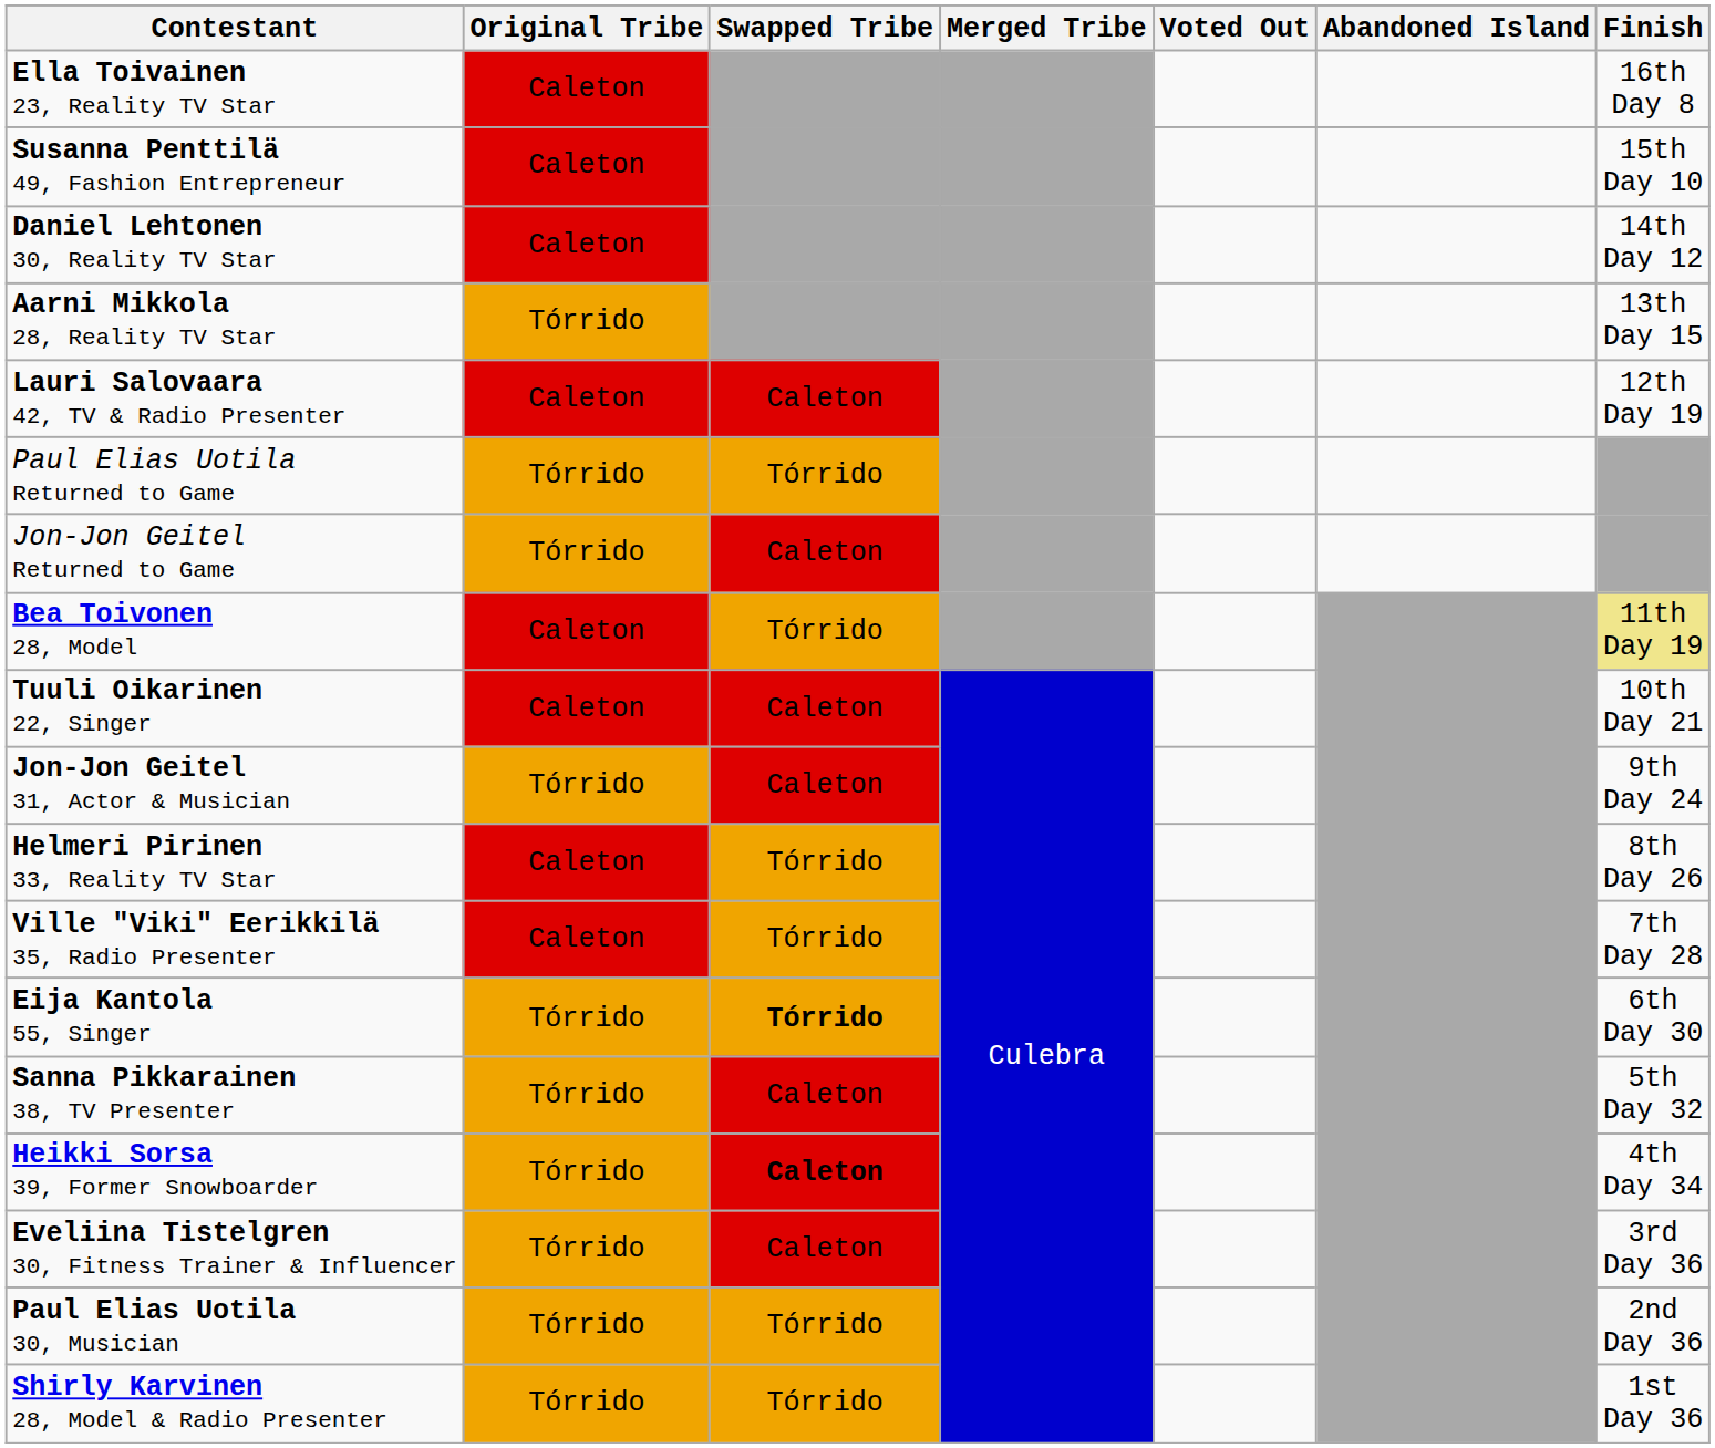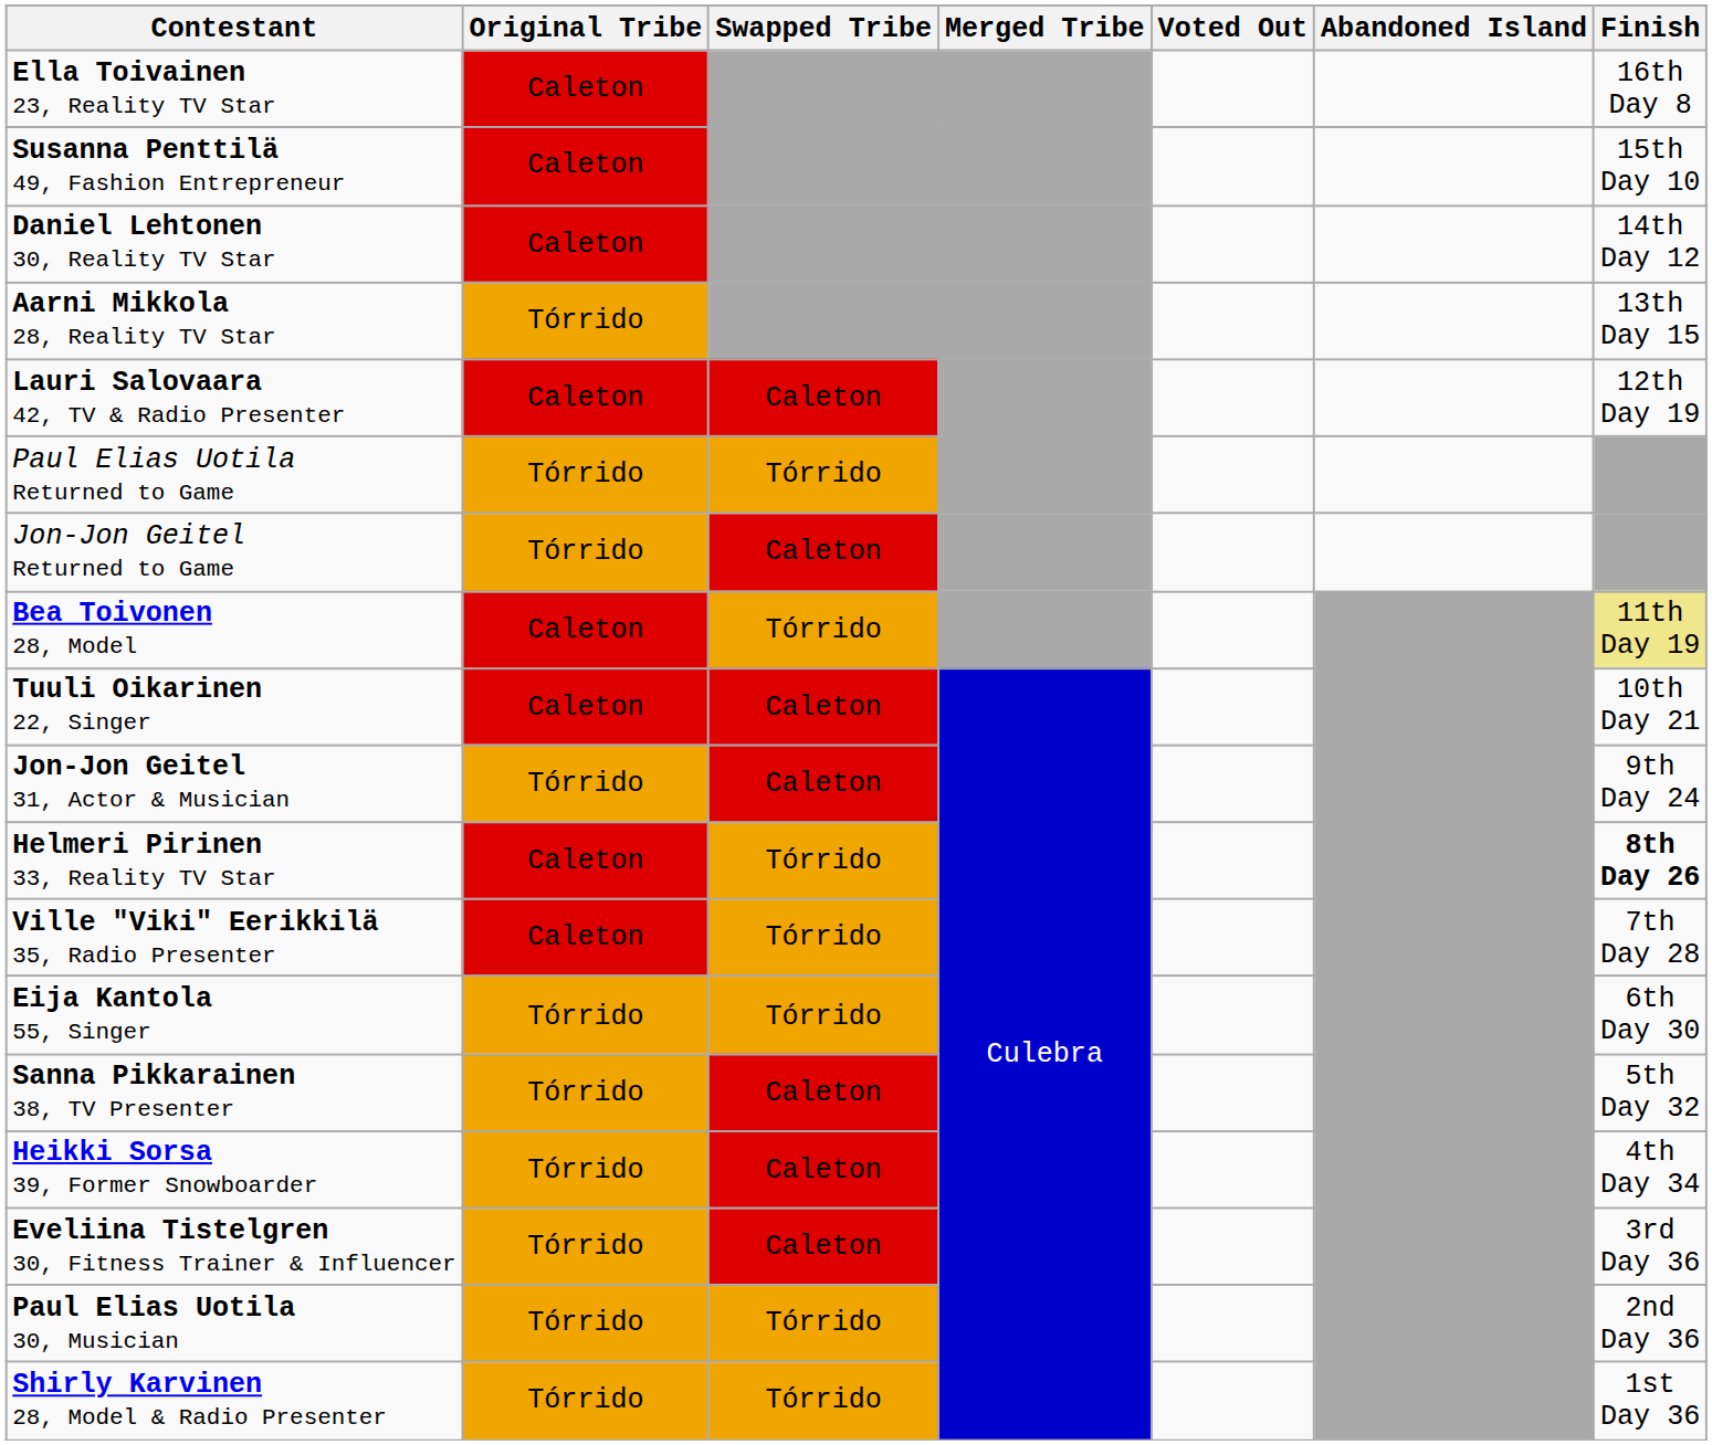 <table class="wikitable" style="margin:auto; text-align:center">
 <tr>
 <th>Contestant</th>
 <th>Original Tribe</th>
 <th>Swapped Tribe</th>
 <th>Merged Tribe</th>
 <th>Voted Out</th>
 <th>Abandoned Island</th>
 <th>Finish</th>
 </tr>
 <tr>
 <td style="text-align: left;"><strong>Ella Toivainen</strong><br><small>23, Reality TV Star</small></td>
 <td bgcolor="#de0000">Caleton</td>
 <td bgcolor="darkgrey"></td>
 <td bgcolor="darkgrey"></td>
 <td></td>
 <td></td>
 <td>16th<br>Day 8</td>
 </tr>
 <tr>
 <td style="text-align: left;"><strong>Susanna Penttilä</strong><br><small>49, Fashion Entrepreneur</small></td>
 <td bgcolor="#de0000">Caleton</td>
 <td bgcolor="darkgrey"></td>
 <td bgcolor="darkgrey"></td>
 <td></td>
 <td></td>
 <td>15th<br>Day 10</td>
 </tr>
 <tr>
 <td style="text-align: left;"><strong>Daniel Lehtonen</strong><br><small>30, Reality TV Star</small></td>
 <td bgcolor="#de0000">Caleton</td>
 <td bgcolor="darkgrey"></td>
 <td bgcolor="darkgrey"></td>
 <td></td>
 <td></td>
 <td>14th<br>Day 12</td>
 </tr>
 <tr>
 <td style="text-align: left;"><strong>Aarni Mikkola</strong><br><small>28, Reality TV Star</small></td>
 <td bgcolor="#f0a500">Tórrido</td>
 <td bgcolor="darkgrey"></td>
 <td bgcolor="darkgrey"></td>
 <td></td>
 <td></td>
 <td>13th<br>Day 15</td>
 </tr>
 <tr>
 <td style="text-align: left;"><strong>Lauri Salovaara</strong><br><small>42, TV & Radio Presenter</small></td>
 <td bgcolor="#de0000">Caleton</td>
 <td bgcolor="#de0000">Caleton</td>
 <td bgcolor="darkgrey"></td>
 <td></td>
 <td></td>
 <td>12th<br>Day 19</td>
 </tr>
 <tr>
 <td style="text-align: left;"><em>Paul Elias Uotila</em><br><small>Returned to Game</small></td>
 <td bgcolor="#f0a500">Tórrido</td>
 <td bgcolor="#f0a500">Tórrido</td>
 <td bgcolor="darkgrey"></td>
 <td></td>
 <td></td>
 <td bgcolor="darkgrey"></td>
 </tr>
 <tr>
 <td style="text-align: left;"><em>Jon-Jon Geitel</em><br><small>Returned to Game</small></td>
 <td bgcolor="#f0a500">Tórrido</td>
 <td bgcolor="#de0000">Caleton</td>
 <td bgcolor="darkgrey"></td>
 <td></td>
 <td></td>
 <td bgcolor="darkgrey"></td>
 </tr>
 <tr>
 <td style="text-align: left;"><strong><a href='#'>Bea Toivonen</a></strong><br><small>28, Model</small></td>
 <td bgcolor="#de0000">Caleton</td>
 <td bgcolor="#f0a500">Tórrido</td>
 <td bgcolor="darkgrey"></td>
 <td></td>
 <td rowspan="11" bgcolor="darkgrey"></td>
 <td style="background: khaki;">11th<br>Day 19</td>
 </tr>
 <tr>
 <td style="text-align: left;"><strong>Tuuli Oikarinen</strong><br><small>22, Singer</small></td>
 <td bgcolor="#de0000">Caleton</td>
 <td bgcolor="#de0000">Caleton</td>
 <td rowspan="10" style="background-color:#0000CD; color:white;">Culebra</td>
 <td></td>
 <td>10th<br>Day 21</td>
 </tr>
 <tr>
 <td style="text-align: left;"><strong>Jon-Jon Geitel</strong><br><small>31, Actor & Musician</small></td>
 <td bgcolor="#f0a500">Tórrido</td>
 <td bgcolor="#de0000">Caleton</td>
 <td></td>
 <td>9th<br>Day 24</td>
 </tr>
 <tr>
 <td style="text-align: left;"><strong>Helmeri Pirinen</strong><br><small>33, Reality TV Star</small></td>
 <td bgcolor="#de0000">Caleton</td>
 <td bgcolor="#f0a500">Tórrido</td>
 <td></td>
-<td>8th<br>Day 26</td>
+<td><strong>8th<br>Day 26</strong></td>
 </tr>
 <tr>
 <td style="text-align: left;"><strong>Ville "Viki" Eerikkilä</strong><br><small>35, Radio Presenter</small></td>
 <td bgcolor="#de0000">Caleton</td>
 <td bgcolor="#f0a500">Tórrido</td>
 <td></td>
 <td>7th<br>Day 28</td>
 </tr>
 <tr>
 <td style="text-align: left;"><strong>Eija Kantola</strong><br><small>55, Singer</small></td>
 <td bgcolor="#f0a500">Tórrido</td>
-<td bgcolor="#f0a50"><strong>Tórrido</strong></td>
+<td bgcolor="#f0a50">Tórrido</td>
 <td></td>
 <td>6th<br>Day 30</td>
 </tr>
 <tr>
 <td style="text-align: left;"><strong>Sanna Pikkarainen</strong><br><small>38, TV Presenter</small></td>
 <td bgcolor="#f0a500">Tórrido</td>
 <td bgcolor="#de0000">Caleton</td>
 <td></td>
 <td>5th<br>Day 32</td>
 </tr>
 <tr>
 <td style="text-align: left;"><strong><a href='#'>Heikki Sorsa</a></strong><br><small>39, Former Snowboarder</small></td>
 <td bgcolor="#f0a500">Tórrido</td>
-<td bgcolor="#de0000"><strong>Caleton</strong></td>
+<td bgcolor="#de0000">Caleton</td>
 <td></td>
 <td>4th<br>Day 34</td>
 </tr>
 <tr>
 <td style="text-align: left;"><strong>Eveliina Tistelgren</strong><br><small>30, Fitness Trainer & Influencer</small></td>
 <td bgcolor="#f0a500">Tórrido</td>
 <td bgcolor="#de0000">Caleton</td>
 <td></td>
 <td>3rd<br>Day 36</td>
 </tr>
 <tr>
 <td style="text-align: left;"><strong>Paul Elias Uotila</strong><br><small>30, Musician</small></td>
 <td bgcolor="#f0a500">Tórrido</td>
 <td bgcolor="#f0a500">Tórrido</td>
 <td></td>
 <td>2nd<br>Day 36</td>
 </tr>
 <tr>
 <td style="text-align: left;"><strong><a href='#'>Shirly Karvinen</a></strong><br><small>28, Model & Radio Presenter</small></td>
 <td bgcolor="#f0a500">Tórrido</td>
 <td bgcolor="#f0a500">Tórrido</td>
 <td></td>
 <td>1st<br>Day 36</td>
 </tr>
 <tr>
 </tr>
 </table>
